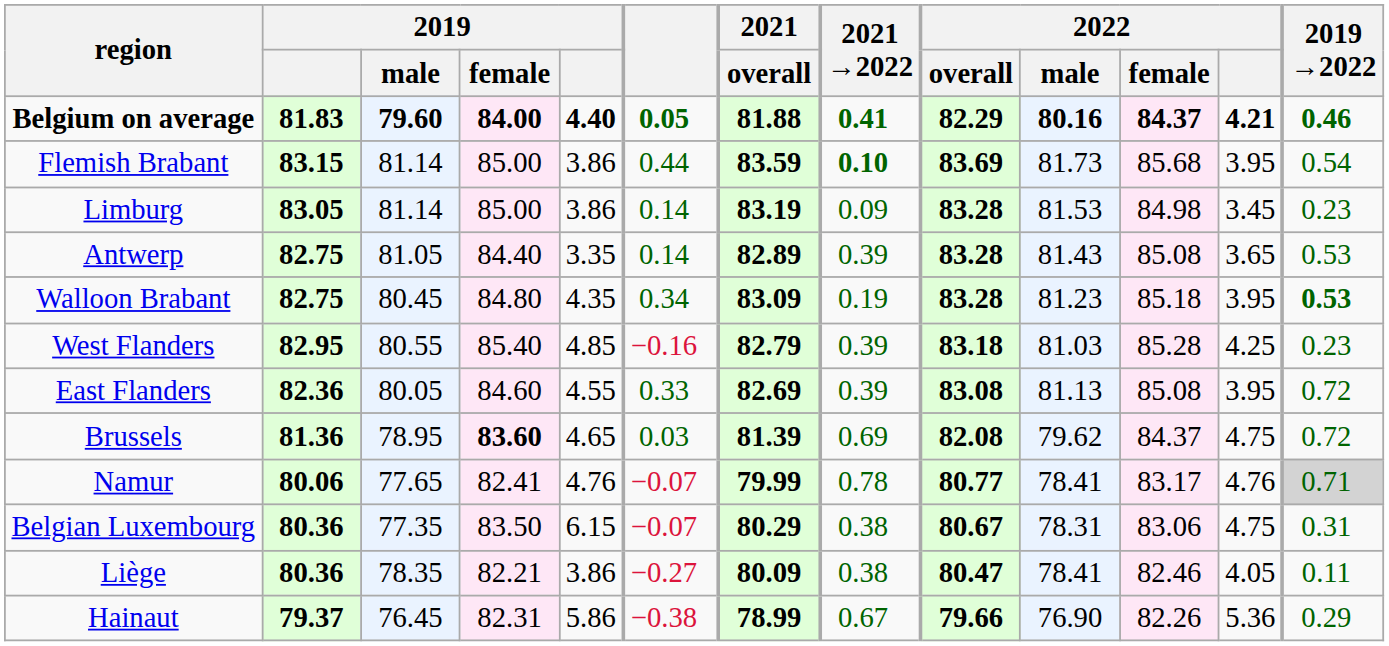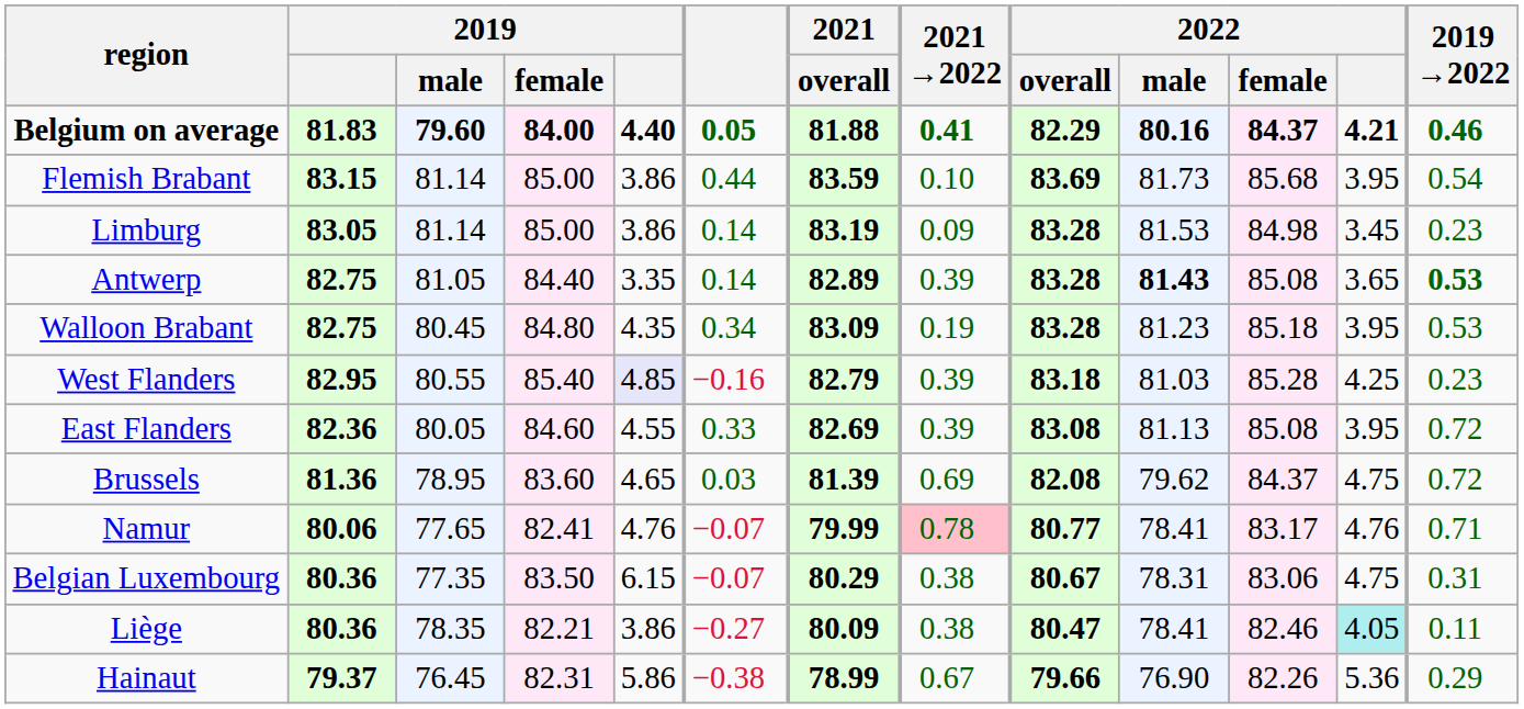 <table class="wikitable sortable mw-datatable static-row-numbers sort-under col1left col6right col8right col13right" style="text-align:center;">
 <tr>
 <th rowspan=2 style="vertical-align:middle;">region</th>
 <th colspan=4>2019</th>
 <th rowspan=2 style="vertical-align:middle;border-left-width:2px;"></th>
 <th style="border-left-width:2px;">2021</th>
 <th rowspan=2 style="vertical-align:middle;border-left-width:2px;">2021<br>→2022</th>
 <th colspan=4 style="border-left-width:2px;">2022</th>
 <th rowspan=2 style="vertical-align:middle;border-left-width:2px;">2019<br>→2022</th>
 </tr>
 <tr>
 <th style="vertical-align:middle;min-width:3em;"></th>
 <th style="vertical-align:middle;min-width:3em;">male</th>
 <th style="vertical-align:middle;min-width:3em;">female</th>
 <th></th>
 <th style="vertical-align:middle;min-width:3em;border-left-width:2px;">overall</th>
 <th style="vertical-align:middle;min-width:3em;border-left-width:2px;">overall</th>
 <th style="vertical-align:middle;min-width:3em;">male</th>
 <th style="vertical-align:middle;min-width:3em;">female</th>
 <th></th>
 </tr>
 <tr class=static-row-header>
 <td><strong>Belgium on average</strong></td>
 <td style="background:#e0ffd8;"><strong>81.83</strong></td>
 <td style="background:#eaf3ff;"><strong>79.60</strong></td>
 <td style="background:#fee7f6;"><strong>84.00</strong></td>
 <td><strong>4.40</strong></td>
 <td style="padding-right:1.5ex;color:darkgreen;border-left-width:2px;"><strong>0.05</strong></td>
 <td style="background:#e0ffd8;border-left-width:2px;"><strong>81.88</strong></td>
 <td style="padding-right:1.5ex;color:darkgreen;border-left-width:2px;"><strong>0.41</strong></td>
 <td style="background:#e0ffd8;border-left-width:2px;"><strong>82.29</strong></td>
 <td style="background:#eaf3ff;"><strong>80.16</strong></td>
 <td style="background:#fee7f6;"><strong>84.37</strong></td>
 <td><strong>4.21</strong></td>
 <td style="padding-right:1.5ex;color:darkgreen;border-left-width:2px;"><strong>0.46</strong></td>
 </tr>
 <tr>
 <td><a href='#'>Flemish Brabant</a></td>
 <td style="background:#e0ffd8;"><strong>83.15</strong></td>
 <td style="background:#eaf3ff;">81.14</td>
 <td style="background:#fee7f6;">85.00</td>
 <td>3.86</td>
 <td style="padding-right:1.5ex;color:darkgreen;border-left-width:2px;">0.44</td>
 <td style="background:#e0ffd8;border-left-width:2px;"><strong>83.59</strong></td>
-<td style="padding-right:1.5ex;color:darkgreen;border-left-width:2px;"><strong>0.10</strong></td>
+<td style="padding-right:1.5ex;color:darkgreen;border-left-width:2px;">0.10</td>
 <td style="background:#e0ffd8;border-left-width:2px;"><strong>83.69</strong></td>
 <td style="background:#eaf3ff;">81.73</td>
 <td style="background:#fee7f6;">85.68</td>
 <td>3.95</td>
 <td style="padding-right:1.5ex;color:darkgreen;border-left-width:2px;">0.54</td>
 </tr>
 <tr>
 <td><a href='#'>Limburg</a></td>
 <td style="background:#e0ffd8;"><strong>83.05</strong></td>
 <td style="background:#eaf3ff;">81.14</td>
 <td style="background:#fee7f6;">85.00</td>
 <td>3.86</td>
 <td style="padding-right:1.5ex;color:darkgreen;border-left-width:2px;">0.14</td>
 <td style="background:#e0ffd8;border-left-width:2px;"><strong>83.19</strong></td>
 <td style="padding-right:1.5ex;color:darkgreen;border-left-width:2px;">0.09</td>
 <td style="background:#e0ffd8;border-left-width:2px;"><strong>83.28</strong></td>
 <td style="background:#eaf3ff;">81.53</td>
 <td style="background:#fee7f6;">84.98</td>
 <td>3.45</td>
 <td style="padding-right:1.5ex;color:darkgreen;border-left-width:2px;">0.23</td>
 </tr>
 <tr>
 <td><a href='#'>Antwerp</a></td>
 <td style="background:#e0ffd8;"><strong>82.75</strong></td>
 <td style="background:#eaf3ff;">81.05</td>
 <td style="background:#fee7f6;">84.40</td>
 <td>3.35</td>
 <td style="padding-right:1.5ex;color:darkgreen;border-left-width:2px;">0.14</td>
 <td style="background:#e0ffd8;border-left-width:2px;"><strong>82.89</strong></td>
 <td style="padding-right:1.5ex;color:darkgreen;border-left-width:2px;">0.39</td>
 <td style="background:#e0ffd8;border-left-width:2px;"><strong>83.28</strong></td>
-<td style="background:#eaf3ff;">81.43</td>
+<td style="background:#eaf3ff;"><strong>81.43</strong></td>
 <td style="background:#fee7f6;">85.08</td>
 <td>3.65</td>
-<td style="padding-right:1.5ex;color:darkgreen;border-left-width:2px;">0.53</td>
+<td style="padding-right:1.5ex;color:darkgreen;border-left-width:2px;"><strong>0.53</strong></td>
 </tr>
 <tr>
 <td><a href='#'>Walloon Brabant</a></td>
 <td style="background:#e0ffd8;"><strong>82.75</strong></td>
 <td style="background:#eaf3ff;">80.45</td>
 <td style="background:#fee7f6;">84.80</td>
 <td>4.35</td>
 <td style="padding-right:1.5ex;color:darkgreen;border-left-width:2px;">0.34</td>
 <td style="background:#e0ffd8;border-left-width:2px;"><strong>83.09</strong></td>
 <td style="padding-right:1.5ex;color:darkgreen;border-left-width:2px;">0.19</td>
 <td style="background:#e0ffd8;border-left-width:2px;"><strong>83.28</strong></td>
 <td style="background:#eaf3ff;">81.23</td>
 <td style="background:#fee7f6;">85.18</td>
 <td>3.95</td>
-<td style="padding-right:1.5ex;color:darkgreen;border-left-width:2px;"><strong>0.53</strong></td>
+<td style="padding-right:1.5ex;color:darkgreen;border-left-width:2px;">0.53</td>
 </tr>
 <tr>
 <td><a href='#'>West Flanders</a></td>
 <td style="background:#e0ffd8;"><strong>82.95</strong></td>
 <td style="background:#eaf3ff;">80.55</td>
 <td style="background:#fee7f6;">85.40</td>
-<td>4.85</td>
+<td style="background: lavender;">4.85</td>
 <td style="padding-right:1.5ex;color:crimson;border-left-width:2px;">−0.16</td>
 <td style="background:#e0ffd8;border-left-width:2px;"><strong>82.79</strong></td>
 <td style="padding-right:1.5ex;color:darkgreen;border-left-width:2px;">0.39</td>
 <td style="background:#e0ffd8;border-left-width:2px;"><strong>83.18</strong></td>
 <td style="background:#eaf3ff;">81.03</td>
 <td style="background:#fee7f6;">85.28</td>
 <td>4.25</td>
 <td style="padding-right:1.5ex;color:darkgreen;border-left-width:2px;">0.23</td>
 </tr>
 <tr>
 <td><a href='#'>East Flanders</a></td>
 <td style="background:#e0ffd8;"><strong>82.36</strong></td>
 <td style="background:#eaf3ff;">80.05</td>
 <td style="background:#fee7f6;">84.60</td>
 <td>4.55</td>
 <td style="padding-right:1.5ex;color:darkgreen;border-left-width:2px;">0.33</td>
 <td style="background:#e0ffd8;border-left-width:2px;"><strong>82.69</strong></td>
 <td style="padding-right:1.5ex;color:darkgreen;border-left-width:2px;">0.39</td>
 <td style="background:#e0ffd8;border-left-width:2px;"><strong>83.08</strong></td>
 <td style="background:#eaf3ff;">81.13</td>
 <td style="background:#fee7f6;">85.08</td>
 <td>3.95</td>
 <td style="padding-right:1.5ex;color:darkgreen;border-left-width:2px;">0.72</td>
 </tr>
 <tr>
 <td><a href='#'>Brussels</a></td>
 <td style="background:#e0ffd8;"><strong>81.36</strong></td>
 <td style="background:#eaf3ff;">78.95</td>
-<td style="background:#fee7f6;"><strong>83.60</strong></td>
+<td style="background:#fee7f6;">83.60</td>
 <td>4.65</td>
 <td style="padding-right:1.5ex;color:darkgreen;border-left-width:2px;">0.03</td>
 <td style="background:#e0ffd8;border-left-width:2px;"><strong>81.39</strong></td>
 <td style="padding-right:1.5ex;color:darkgreen;border-left-width:2px;">0.69</td>
 <td style="background:#e0ffd8;border-left-width:2px;"><strong>82.08</strong></td>
 <td style="background:#eaf3ff;">79.62</td>
 <td style="background:#fee7f6;">84.37</td>
 <td>4.75</td>
 <td style="padding-right:1.5ex;color:darkgreen;border-left-width:2px;">0.72</td>
 </tr>
 <tr>
 <td><a href='#'>Namur</a></td>
 <td style="background:#e0ffd8;"><strong>80.06</strong></td>
 <td style="background:#eaf3ff;">77.65</td>
 <td style="background:#fee7f6;">82.41</td>
 <td>4.76</td>
 <td style="padding-right:1.5ex;color:crimson;border-left-width:2px;">−0.07</td>
 <td style="background:#e0ffd8;border-left-width:2px;"><strong>79.99</strong></td>
-<td style="padding-right:1.5ex;color:darkgreen;border-left-width:2px;">0.78</td>
+<td style="background: pink; padding-right:1.5ex;color:darkgreen;border-left-width:2px;">0.78</td>
 <td style="background:#e0ffd8;border-left-width:2px;"><strong>80.77</strong></td>
 <td style="background:#eaf3ff;">78.41</td>
 <td style="background:#fee7f6;">83.17</td>
 <td>4.76</td>
-<td style="background: lightgrey; padding-right:1.5ex;color:darkgreen;border-left-width:2px;">0.71</td>
+<td style="padding-right:1.5ex;color:darkgreen;border-left-width:2px;">0.71</td>
 </tr>
 <tr>
 <td><a href='#'>Belgian Luxembourg</a></td>
 <td style="background:#e0ffd8;"><strong>80.36</strong></td>
 <td style="background:#eaf3ff;">77.35</td>
 <td style="background:#fee7f6;">83.50</td>
 <td>6.15</td>
 <td style="padding-right:1.5ex;color:crimson;border-left-width:2px;">−0.07</td>
 <td style="background:#e0ffd8;border-left-width:2px;"><strong>80.29</strong></td>
 <td style="padding-right:1.5ex;color:darkgreen;border-left-width:2px;">0.38</td>
 <td style="background:#e0ffd8;border-left-width:2px;"><strong>80.67</strong></td>
 <td style="background:#eaf3ff;">78.31</td>
 <td style="background:#fee7f6;">83.06</td>
 <td>4.75</td>
 <td style="padding-right:1.5ex;color:darkgreen;border-left-width:2px;">0.31</td>
 </tr>
 <tr>
 <td><a href='#'>Liège</a></td>
 <td style="background:#e0ffd8;"><strong>80.36</strong></td>
 <td style="background:#eaf3ff;">78.35</td>
 <td style="background:#fee7f6;">82.21</td>
 <td>3.86</td>
 <td style="padding-right:1.5ex;color:crimson;border-left-width:2px;">−0.27</td>
 <td style="background:#e0ffd8;border-left-width:2px;"><strong>80.09</strong></td>
 <td style="padding-right:1.5ex;color:darkgreen;border-left-width:2px;">0.38</td>
 <td style="background:#e0ffd8;border-left-width:2px;"><strong>80.47</strong></td>
 <td style="background:#eaf3ff;">78.41</td>
 <td style="background:#fee7f6;">82.46</td>
-<td>4.05</td>
+<td style="background: paleturquoise;">4.05</td>
 <td style="padding-right:1.5ex;color:darkgreen;border-left-width:2px;">0.11</td>
 </tr>
 <tr>
 <td><a href='#'>Hainaut</a></td>
 <td style="background:#e0ffd8;"><strong>79.37</strong></td>
 <td style="background:#eaf3ff;">76.45</td>
 <td style="background:#fee7f6;">82.31</td>
 <td>5.86</td>
 <td style="padding-right:1.5ex;color:crimson;border-left-width:2px;">−0.38</td>
 <td style="background:#e0ffd8;border-left-width:2px;"><strong>78.99</strong></td>
 <td style="padding-right:1.5ex;color:darkgreen;border-left-width:2px;">0.67</td>
 <td style="background:#e0ffd8;border-left-width:2px;"><strong>79.66</strong></td>
 <td style="background:#eaf3ff;">76.90</td>
 <td style="background:#fee7f6;">82.26</td>
 <td>5.36</td>
 <td style="padding-right:1.5ex;color:darkgreen;border-left-width:2px;">0.29</td>
 </tr>
 </table>
